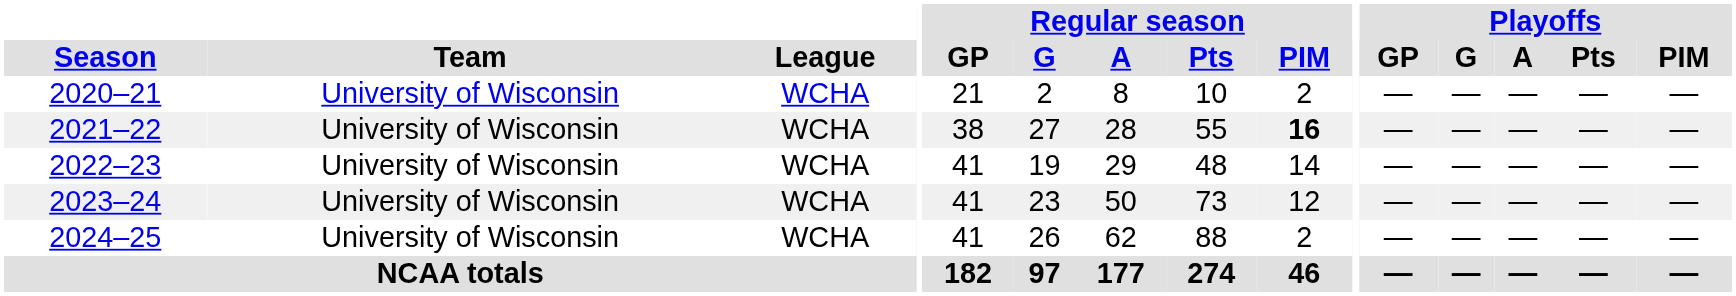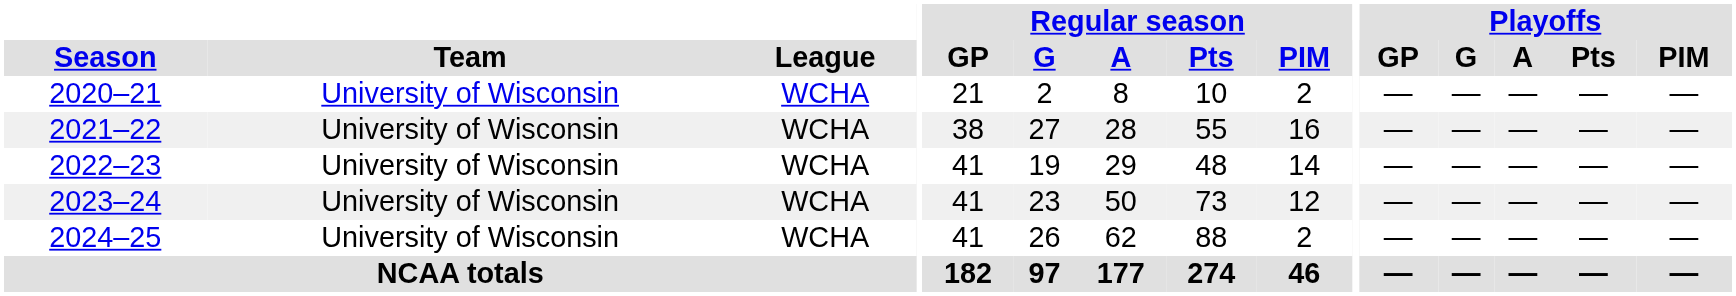 <table border="0" cellpadding="1" cellspacing="0" style="text-align:center; width:60em">
 <tr bgcolor="#e0e0e0">
 <th colspan="3" bgcolor="#ffffff"></th>
 <th rowspan="97" bgcolor="#ffffff"></th>
 <th colspan="5"><a href='#'>Regular season</a></th>
 <th rowspan="97" bgcolor="#ffffff"></th>
 <th colspan="5"><a href='#'>Playoffs</a></th>
 </tr>
 <tr bgcolor="#e0e0e0">
 <th><a href='#'>Season</a></th>
 <th>Team</th>
 <th>League</th>
 <th>GP</th>
 <th><a href='#'>G</a></th>
 <th><a href='#'>A</a></th>
 <th><a href='#'>Pts</a></th>
 <th><a href='#'>PIM</a></th>
 <th>GP</th>
 <th>G</th>
 <th>A</th>
 <th>Pts</th>
 <th>PIM</th>
 </tr>
 <tr>
 <td><a href='#'>2020–21</a></td>
 <td><a href='#'>University of Wisconsin</a></td>
 <td><a href='#'>WCHA</a></td>
 <td>21</td>
 <td>2</td>
 <td>8</td>
 <td>10</td>
 <td>2</td>
 <td>—</td>
 <td>—</td>
 <td>—</td>
 <td>—</td>
 <td>—</td>
 </tr>
 <tr bgcolor="#f0f0f0">
 <td><a href='#'>2021–22</a></td>
 <td>University of Wisconsin</td>
 <td>WCHA</td>
 <td>38</td>
 <td>27</td>
 <td>28</td>
 <td>55</td>
-<td><strong>16</strong></td>
+<td>16</td>
 <td>—</td>
 <td>—</td>
 <td>—</td>
 <td>—</td>
 <td>—</td>
 </tr>
 <tr>
 <td><a href='#'>2022–23</a></td>
 <td>University of Wisconsin</td>
 <td>WCHA</td>
 <td>41</td>
 <td>19</td>
 <td>29</td>
 <td>48</td>
 <td>14</td>
 <td>—</td>
 <td>—</td>
 <td>—</td>
 <td>—</td>
 <td>—</td>
 </tr>
 <tr bgcolor="#f0f0f0">
 <td><a href='#'>2023–24</a></td>
 <td>University of Wisconsin</td>
 <td>WCHA</td>
 <td>41</td>
 <td>23</td>
 <td>50</td>
 <td>73</td>
 <td>12</td>
 <td>—</td>
 <td>—</td>
 <td>—</td>
 <td>—</td>
 <td>—</td>
 </tr>
 <tr>
 <td><a href='#'>2024–25</a></td>
 <td>University of Wisconsin</td>
 <td>WCHA</td>
 <td>41</td>
 <td>26</td>
 <td>62</td>
 <td>88</td>
 <td>2</td>
 <td>—</td>
 <td>—</td>
 <td>—</td>
 <td>—</td>
 <td>—</td>
 </tr>
 <tr bgcolor="#e0e0e0">
 <th colspan="3">NCAA totals</th>
 <th>182</th>
 <th>97</th>
 <th>177</th>
 <th>274</th>
 <th>46</th>
 <th>—</th>
 <th>—</th>
 <th>—</th>
 <th>—</th>
 <th>—</th>
 </tr>
 </table>
